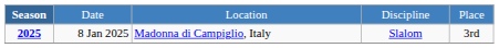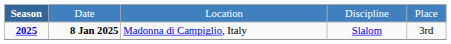 <table class="wikitable" style="font-size:95%; text-align:center; border:grey solid 1px; border-collapse:collapse;" width="50%">
 <tr style="background-color:#369; color:white;">
 <td rowspan="2" colspan="1" width="2%"><strong>Season</strong></td>
 </tr>
 <tr style="background-color:#4180be; color:white;">
 <td width="5%">Date</td>
 <td width="25%">Location</td>
 <td width="8%">Discipline</td>
 <td width="3%">Place</td>
 </tr>
 <tr>
 <td rowspan="1"><strong><a href='#'>2025</a></strong></td>
-<td align=right>8 Jan 2025</td>
+<td align=right><strong>8 Jan 2025</strong></td>
 <td align=left> <a href='#'>Madonna di Campiglio</a>, Italy</td>
 <td><a href='#'>Slalom</a></td>
 <td>3rd</td>
 </tr>
 <tr>
 </tr>
 </table>
